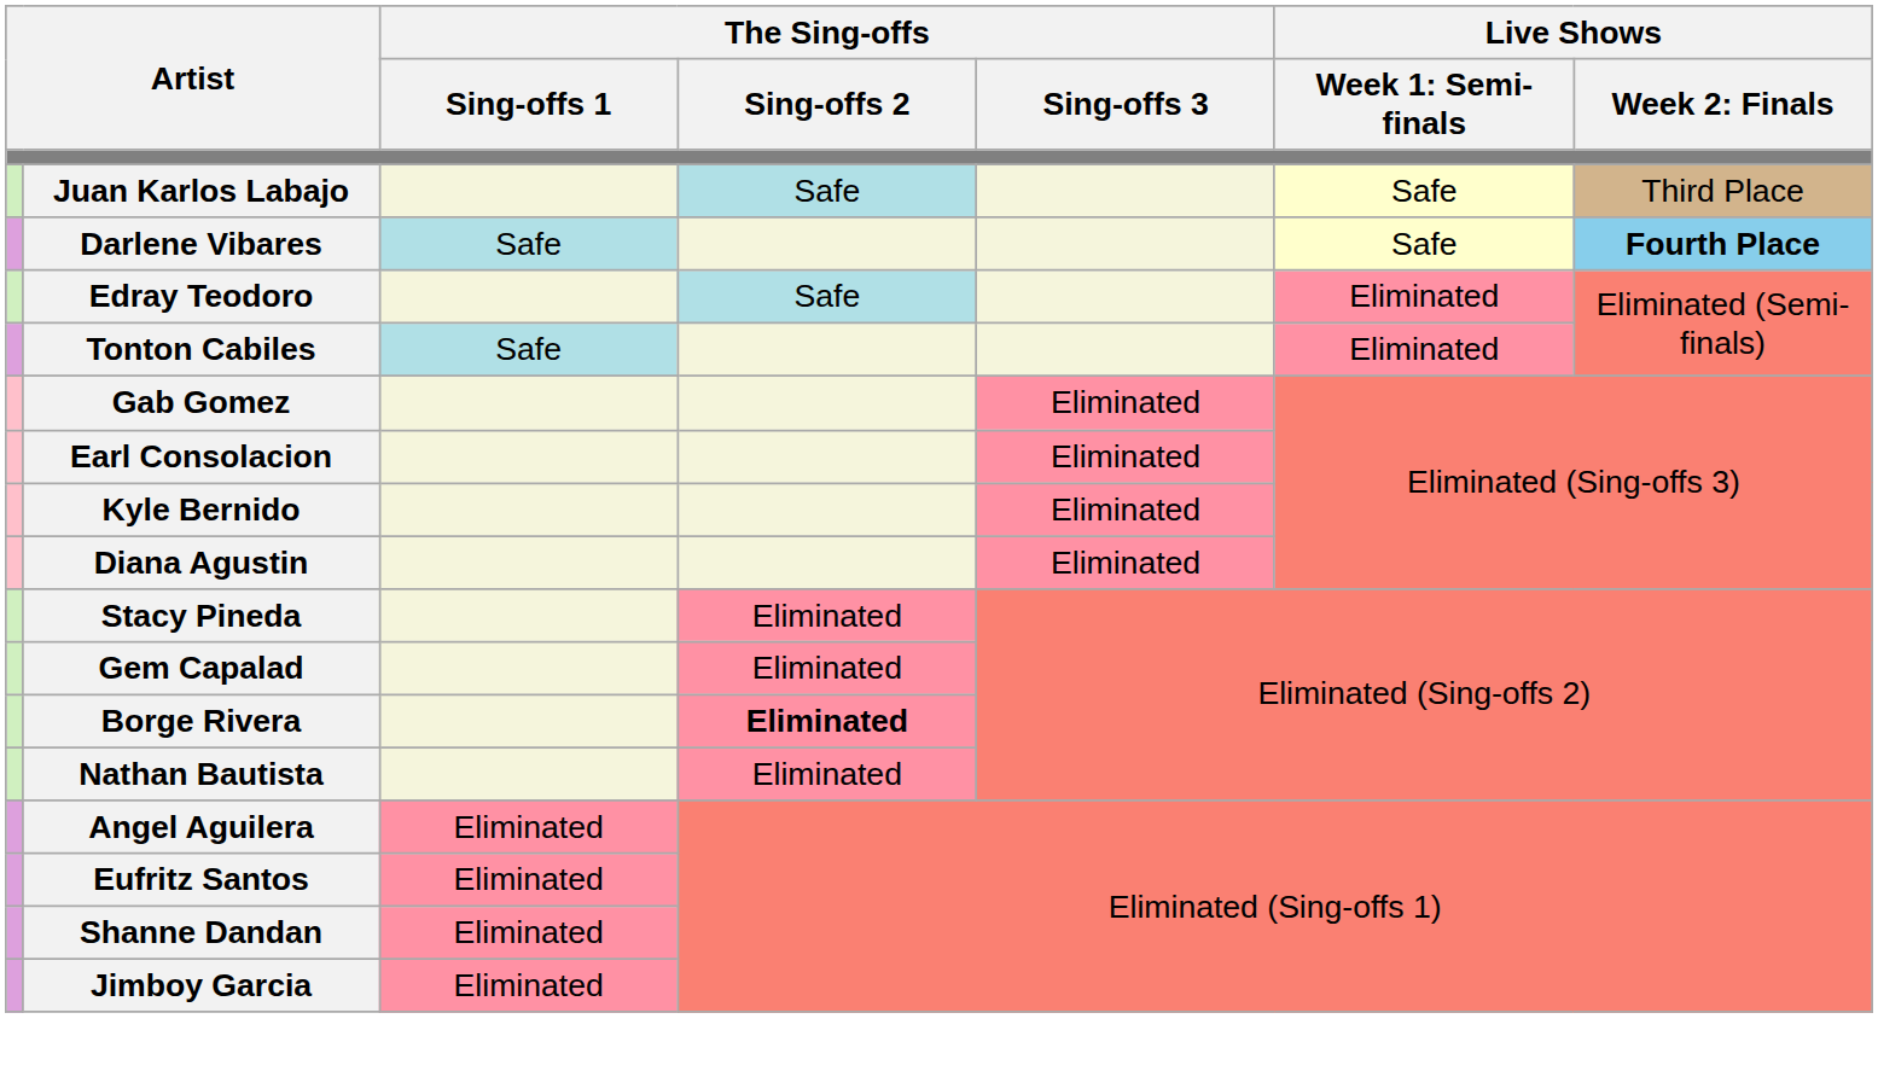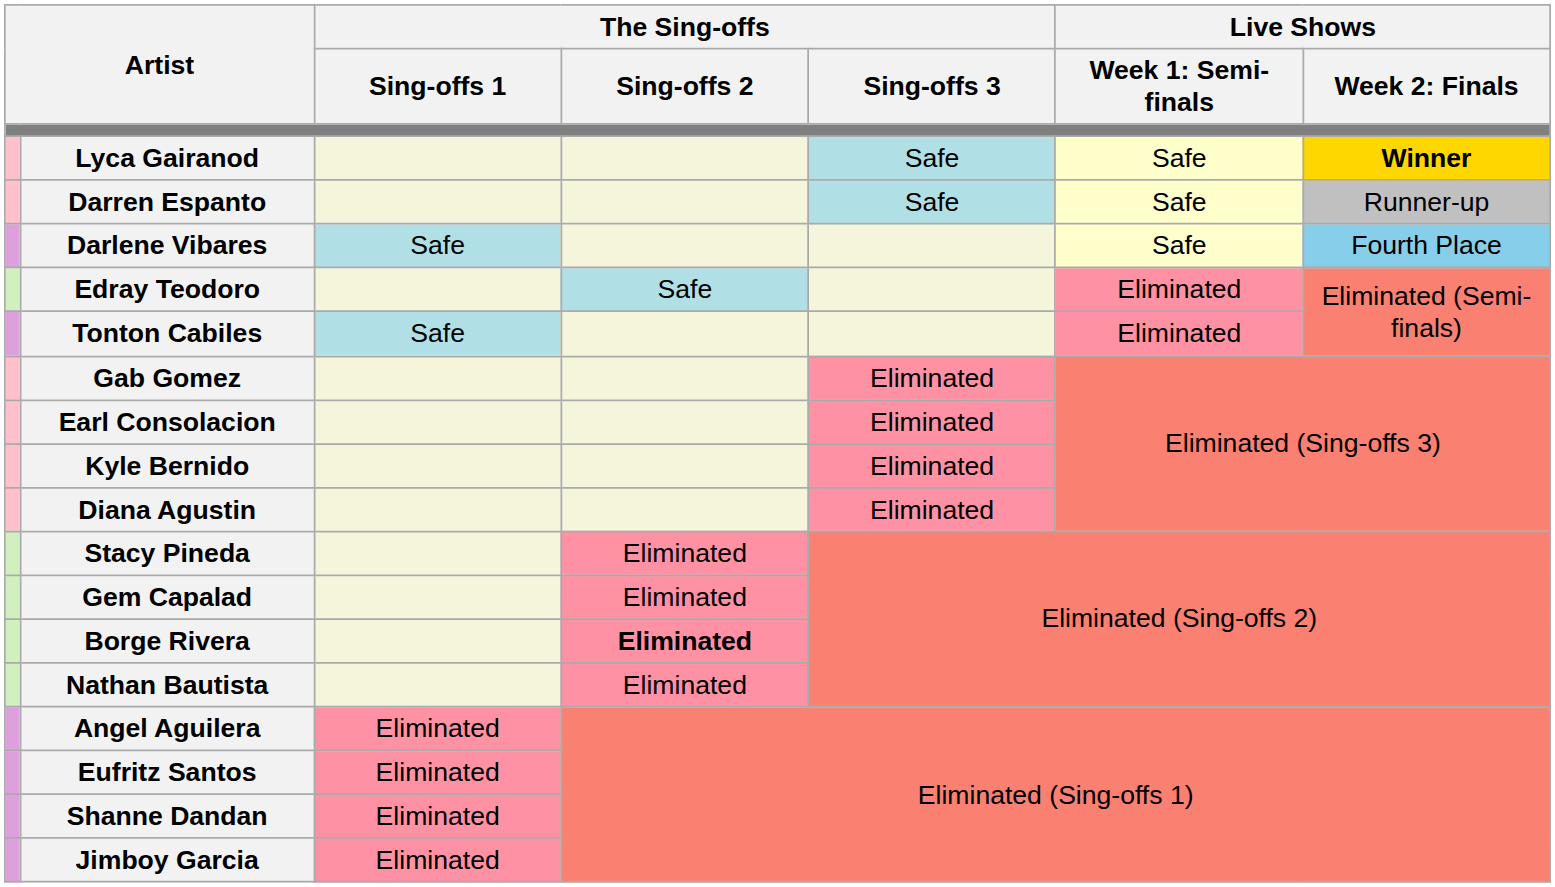 <table class="wikitable" style="text-align:center; font-size:95%; line-height:18px; width:100%;">
 <tr>
 <th colspan="2" rowspan="2">Artist</th>
 <th colspan="3">The Sing-offs</th>
 <th colspan="2">Live Shows</th>
 </tr>
 <tr>
 <th width="16%">Sing-offs 1</th>
 <th width="16%">Sing-offs 2</th>
 <th width="16%">Sing-offs 3</th>
 <th width="16%">Week 1: Semi-finals</th>
 <th width="16%">Week 2: Finals</th>
 </tr>
 <tr>
 <th colspan="7" style="background:grey;"></th>
 </tr>
 <tr>
-<th style="background:#d0f0c0"></th>
-<th>Juan Karlos Labajo</th>
+<th style="background:pink" width="01%"></th>
+<th>Lyca Gairanod</th>
+<td style="background:#F5F5DC"></td>
 <td style="background:#F5F5DC"></td>
 <td style="background:#b0e0e6">Safe</td>
+<td style="background:#FFFFCC">Safe</td>
+<td style="background:gold"><strong>Winner</strong></td>
+</tr>
+<tr>
+<th style="background:pink"></th>
+<th>Darren Espanto</th>
 <td style="background:#F5F5DC"></td>
+<td style="background:#F5F5DC"></td>
+<td style="background:#b0e0e6">Safe</td>
 <td style="background:#FFFFCC">Safe</td>
-<td style="background:tan">Third Place</td>
+<td style="background:silver">Runner-up</td>
 </tr>
 <tr>
 <th style="background:#dda0dd"></th>
 <th>Darlene Vibares</th>
 <td style="background:#b0e0e6">Safe</td>
 <td style="background:#F5F5DC"></td>
 <td style="background:#F5F5DC"></td>
 <td style="background:#FFFFCC">Safe</td>
-<td style="background:skyblue"><strong>Fourth Place</strong></td>
+<td style="background:skyblue">Fourth Place</td>
 </tr>
 <tr>
 <th style="background:#d0f0c0"></th>
 <th>Edray Teodoro</th>
 <td style="background:#F5F5DC"></td>
 <td style="background:#b0e0e6">Safe</td>
 <td style="background:#F5F5DC"></td>
 <td style="background:#FF91A4">Eliminated</td>
 <td rowspan="2" style="background:salmon">Eliminated (Semi-finals)</td>
 </tr>
 <tr>
 <th style="background:#dda0dd"></th>
 <th>Tonton Cabiles</th>
 <td style="background:#b0e0e6">Safe</td>
 <td style="background:#F5F5DC"></td>
 <td style="background:#F5F5DC"></td>
 <td style="background:#FF91A4">Eliminated</td>
 </tr>
 <tr>
 <th style="background:pink"></th>
 <th>Gab Gomez</th>
 <td style="background:#F5F5DC"></td>
 <td style="background:#F5F5DC"></td>
 <td style="background:#FF91A4">Eliminated</td>
 <td colspan="2" rowspan="4" style="background:salmon">Eliminated (Sing-offs 3)</td>
 </tr>
 <tr>
 <th style="background:pink"></th>
 <th>Earl Consolacion</th>
 <td style="background:#F5F5DC"></td>
 <td style="background:#F5F5DC"></td>
 <td style="background:#FF91A4">Eliminated</td>
 </tr>
 <tr>
 <th style="background:pink"></th>
 <th>Kyle Bernido</th>
 <td style="background:#F5F5DC"></td>
 <td style="background:#F5F5DC"></td>
 <td style="background:#FF91A4">Eliminated</td>
 </tr>
 <tr>
 <th style="background:pink"></th>
 <th>Diana Agustin</th>
 <td style="background:#F5F5DC"></td>
 <td style="background:#F5F5DC"></td>
 <td style="background:#FF91A4">Eliminated</td>
 </tr>
 <tr>
 <th style="background:#d0f0c0"></th>
 <th>Stacy Pineda</th>
 <td style="background:#F5F5DC"></td>
 <td style="background:#FF91A4">Eliminated</td>
 <td colspan="3" rowspan="4" style="background:salmon">Eliminated (Sing-offs 2)</td>
 </tr>
 <tr>
 <th style="background:#d0f0c0"></th>
 <th>Gem Capalad</th>
 <td style="background:#F5F5DC"></td>
 <td style="background:#FF91A4">Eliminated</td>
 </tr>
 <tr>
 <th style="background:#d0f0c0"></th>
 <th>Borge Rivera</th>
 <td style="background:#F5F5DC"></td>
 <td style="background:#FF91A4"><strong>Eliminated</strong></td>
 </tr>
 <tr>
 <th style="background:#d0f0c0"></th>
 <th>Nathan Bautista</th>
 <td style="background:#F5F5DC"></td>
 <td style="background:#FF91A4">Eliminated</td>
 </tr>
 <tr>
 <th style="background:#dda0dd"></th>
 <th>Angel Aguilera</th>
 <td style="background:#FF91A4">Eliminated</td>
 <td colspan="4" rowspan="4" style="background:salmon">Eliminated (Sing-offs 1)</td>
 </tr>
 <tr>
 <th style="background:#dda0dd"></th>
 <th>Eufritz Santos</th>
 <td style="background:#FF91A4">Eliminated</td>
 </tr>
 <tr>
 <th style="background:#dda0dd"></th>
 <th>Shanne Dandan</th>
 <td style="background:#FF91A4">Eliminated</td>
 </tr>
 <tr>
 <th style="background:#dda0dd"></th>
 <th>Jimboy Garcia</th>
 <td style="background:#FF91A4">Eliminated</td>
 </tr>
 </table>
